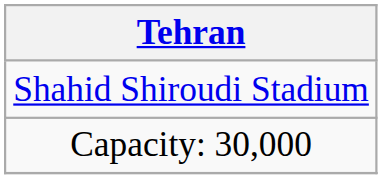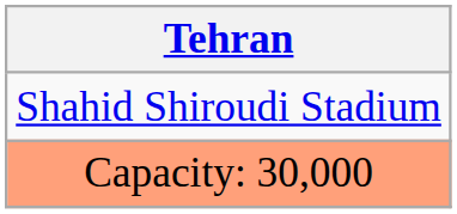 <table class="wikitable" style="text-align:center">
 <tr>
 <th><a href='#'>Tehran</a></th>
 </tr>
 <tr>
 <td><a href='#'>Shahid Shiroudi Stadium</a></td>
 </tr>
 <tr>
-<td>Capacity: 30,000</td>
+<td style="background: lightsalmon;">Capacity: 30,000</td>
 </tr>
 <tr>
 </tr>
 </table>
